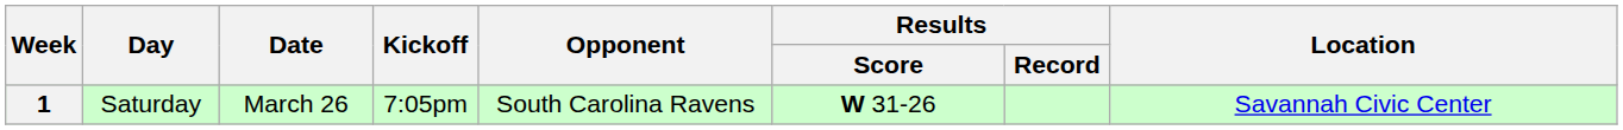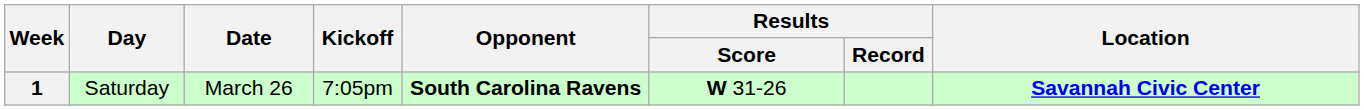 <table class="wikitable">
 <tr>
 <th rowspan="2" width="40">Week</th>
 <th rowspan="2" width="80">Day</th>
 <th rowspan="2" width="90">Date</th>
 <th rowspan="2" width="60">Kickoff</th>
 <th rowspan="2" width="180">Opponent</th>
 <th colspan="2" width="200">Results</th>
 <th rowspan="2" width="315">Location</th>
 </tr>
 <tr>
 <th width="140">Score</th>
 <th width="60">Record</th>
 </tr>
 <tr align="center" bgcolor="#CCFFCC">
 <th>1</th>
 <td>Saturday</td>
 <td>March 26</td>
 <td>7:05pm</td>
-<td>South Carolina Ravens</td>
+<td><strong>South Carolina Ravens</strong></td>
 <td><strong>W</strong> 31-26</td>
 <td></td>
-<td><a href='#'>Savannah Civic Center</a></td>
+<td><strong><a href='#'>Savannah Civic Center</a></strong></td>
 </tr>
 </table>
